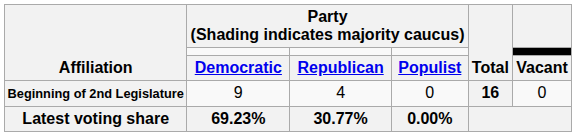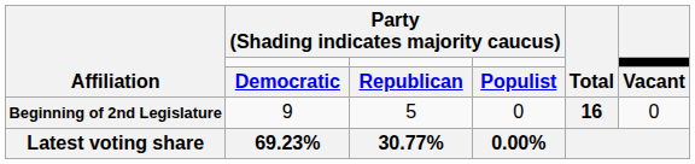 <table class=wikitable style="text-align:center">
 <tr style="vertical-align:bottom;">
 <th rowspan=3>Affiliation</th>
 <th colspan=3>Party <div>(Shading indicates majority caucus)</div></th>
 <th rowspan=3>Total</th>
 <th></th>
 </tr>
 <tr -style="height:5px">
 <td style="background-color:"></td>
 <td style="background-color:"></td>
 <td style="background-color:"></td>
 <td style="background-color:black"></td>
 </tr>
 <tr>
 <th><a href='#'>Democratic</a></th>
 <th><a href='#'>Republican</a></th>
 <th><a href='#'>Populist</a></th>
 <th>Vacant</th>
 </tr>
 <tr>
 <th nowrap style="font-size:80%">Beginning of 2nd Legislature</th>
 <td>9</td>
-<td>4</td>
+<td>5</td>
 <td>0</td>
 <th>16</th>
 <td>0</td>
 </tr>
 <tr>
 <th>Latest voting share</th>
 <th>69.23%</th>
 <th>30.77%</th>
 <th>0.00%</th>
 <th colspan=2></th>
 </tr>
 </table>
